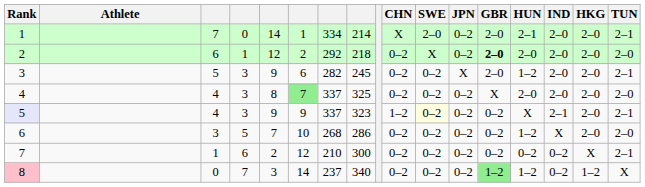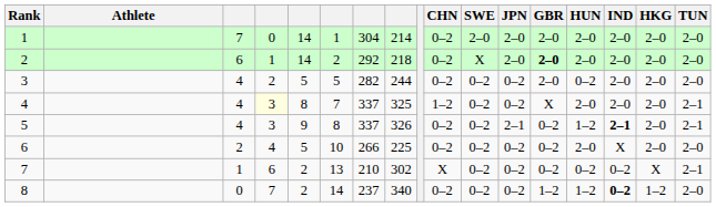 <table class="wikitable" style="text-align:center">
 <tr>
 <th>Rank</th>
 <th width=200>Athlete</th>
 <th width=30></th>
 <th width=30></th>
 <th width=30></th>
 <th width=30></th>
 <th width=30></th>
 <th width=30></th>
 <th rowspan=9></th>
 <th width=30>CHN</th>
 <th width=30>SWE</th>
 <th width=30>JPN</th>
 <th width=30>GBR</th>
 <th width=30>HUN</th>
 <th width=30>IND</th>
 <th width=30>HKG</th>
 <th width=30>TUN</th>
 </tr>
 <tr style="background-color:#ccffcc;">
 <td>1</td>
 <td align=left></td>
 <td>7</td>
 <td>0</td>
 <td>14</td>
 <td>1</td>
-<td>334</td>
+<td>304</td>
 <td>214</td>
-<td>X</td>
-<td>2–0</td>
 <td>0–2</td>
 <td>2–0</td>
-<td>2–1</td>
 <td>2–0</td>
 <td>2–0</td>
-<td>2–1</td>
+<td>2–0</td>
+<td>2–0</td>
+<td>2–0</td>
+<td>2–0</td>
 </tr>
 <tr style="background-color:#ccffcc;">
 <td>2</td>
 <td align=left></td>
 <td>6</td>
 <td>1</td>
-<td>12</td>
+<td>14</td>
 <td>2</td>
 <td>292</td>
 <td>218</td>
 <td>0–2</td>
 <td>X</td>
-<td>0–2</td>
+<td>2–0</td>
 <td><strong>2–0</strong></td>
 <td>2–0</td>
 <td>2–0</td>
 <td>2–0</td>
 <td>2–0</td>
 </tr>
 <tr>
 <td>3</td>
 <td align=left></td>
+<td>4</td>
+<td>2</td>
 <td>5</td>
-<td>3</td>
-<td>9</td>
-<td>6</td>
+<td>5</td>
 <td>282</td>
-<td>245</td>
+<td>244</td>
 <td>0–2</td>
 <td>0–2</td>
-<td>X</td>
+<td>0–2</td>
 <td>2–0</td>
-<td>1–2</td>
+<td>0–2</td>
 <td>2–0</td>
 <td>2–0</td>
-<td>2–1</td>
+<td>2–0</td>
 </tr>
 <tr>
 <td>4</td>
 <td align=left></td>
 <td>4</td>
-<td>3</td>
+<td style="background: lightyellow;">3</td>
 <td>8</td>
-<td style="background: lightgreen;">7</td>
+<td>7</td>
 <td>337</td>
 <td>325</td>
-<td>0–2</td>
+<td>1–2</td>
 <td>0–2</td>
 <td>0–2</td>
 <td>X</td>
 <td>2–0</td>
 <td>2–0</td>
 <td>2–0</td>
-<td>2–0</td>
+<td>2–1</td>
 </tr>
 <tr>
-<td style="background: lavender;">5</td>
+<td>5</td>
 <td align=left></td>
 <td>4</td>
 <td>3</td>
 <td>9</td>
-<td>9</td>
+<td>8</td>
 <td>337</td>
-<td>323</td>
-<td>1–2</td>
-<td style="background: lightyellow;">0–2</td>
+<td>326</td>
 <td>0–2</td>
 <td>0–2</td>
-<td>X</td>
 <td>2–1</td>
+<td>0–2</td>
+<td>1–2</td>
+<td><strong>2–1</strong></td>
 <td>2–0</td>
 <td>2–1</td>
 </tr>
 <tr>
 <td>6</td>
 <td align=left></td>
-<td>3</td>
+<td>2</td>
+<td>4</td>
 <td>5</td>
-<td>7</td>
 <td>10</td>
-<td>268</td>
-<td>286</td>
+<td>266</td>
+<td>225</td>
 <td>0–2</td>
 <td>0–2</td>
 <td>0–2</td>
 <td>0–2</td>
-<td>1–2</td>
+<td>2–0</td>
 <td>X</td>
 <td>2–0</td>
 <td>2–0</td>
 </tr>
 <tr>
 <td>7</td>
 <td align=left></td>
 <td>1</td>
 <td>6</td>
 <td>2</td>
-<td>12</td>
+<td>13</td>
 <td>210</td>
-<td>300</td>
-<td>0–2</td>
+<td>302</td>
+<td>X</td>
 <td>0–2</td>
 <td>0–2</td>
 <td>0–2</td>
 <td>0–2</td>
 <td>0–2</td>
 <td>X</td>
 <td>2–1</td>
 </tr>
 <tr>
-<td style="background: pink;">8</td>
+<td>8</td>
 <td align=left></td>
 <td>0</td>
 <td>7</td>
-<td>3</td>
+<td>2</td>
 <td>14</td>
 <td>237</td>
 <td>340</td>
 <td>0–2</td>
 <td>0–2</td>
 <td>0–2</td>
-<td style="background: lightgreen;">1–2</td>
 <td>1–2</td>
-<td>0–2</td>
 <td>1–2</td>
-<td>X</td>
+<td><strong>0–2</strong></td>
+<td>1–2</td>
+<td>2–0</td>
 </tr>
 </table>
